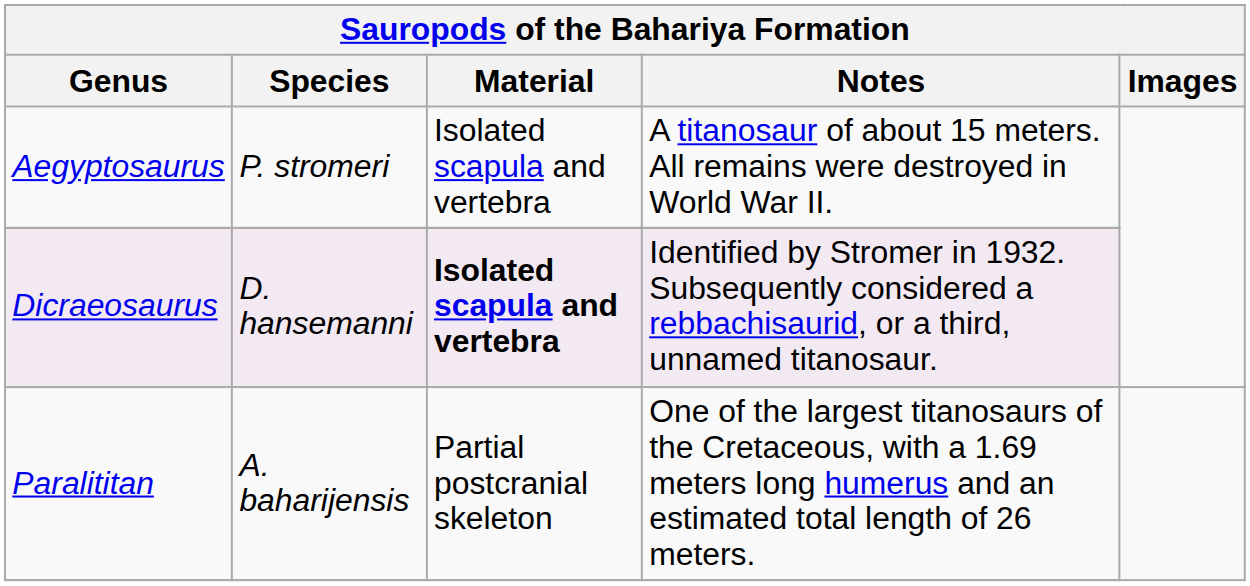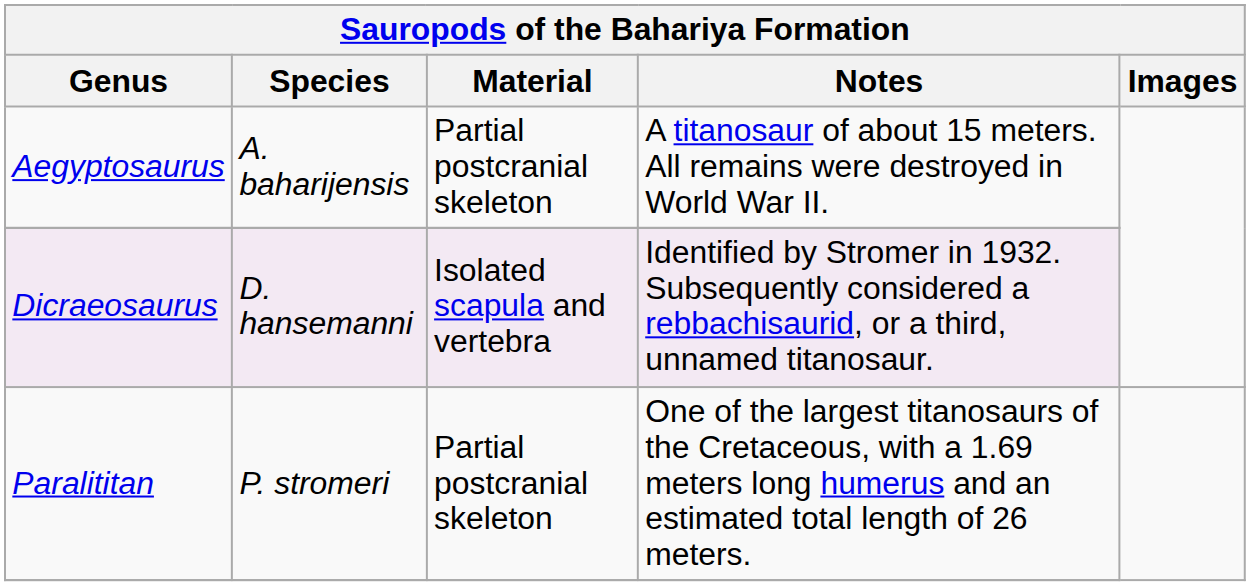 <table class="wikitable" align="center" width="100%">
 <tr>
 <th colspan="5" align="center"><strong><a href='#'>Sauropods</a> of the Bahariya Formation</strong></th>
 </tr>
 <tr>
 <th>Genus</th>
 <th>Species</th>
 <th>Material</th>
 <th>Notes</th>
 <th>Images</th>
 </tr>
 <tr>
 <td><em><a href='#'>Aegyptosaurus</a></em></td>
-<td><em>P. stromeri</em></td>
-<td>Isolated <a href='#'>scapula</a> and vertebra</td>
+<td><em>A. baharijensis</em></td>
+<td>Partial postcranial skeleton</td>
 <td>A <a href='#'>titanosaur</a> of about 15 meters. All remains were destroyed in World War II.</td>
 <td rowspan="3"><br><br> <br> </td>
 </tr>
 <tr>
 </tr>
 <tr style="background:#f3e9f3;">
 <td><em><a href='#'>Dicraeosaurus</a></em></td>
 <td><em>D. hansemanni</em></td>
-<td><strong>Isolated <a href='#'>scapula</a> and vertebra</strong></td>
+<td>Isolated <a href='#'>scapula</a> and vertebra</td>
 <td>Identified by Stromer in 1932. Subsequently considered a <a href='#'>rebbachisaurid</a>, or a third, unnamed titanosaur.</td>
 </tr>
 <tr>
 <td><em><a href='#'>Paralititan</a></em></td>
-<td><em>A. baharijensis</em></td>
+<td><em>P. stromeri</em></td>
 <td>Partial postcranial skeleton</td>
 <td>One of the largest titanosaurs of the Cretaceous, with a 1.69 meters long <a href='#'>humerus</a> and an estimated total length of 26 meters.</td>
 </tr>
 <tr>
 </tr>
 </table>
